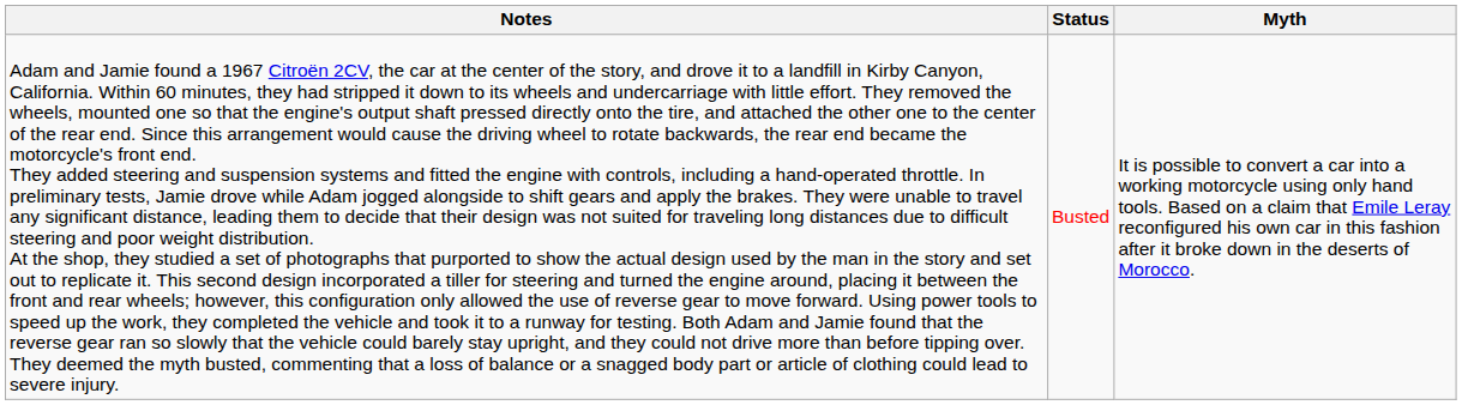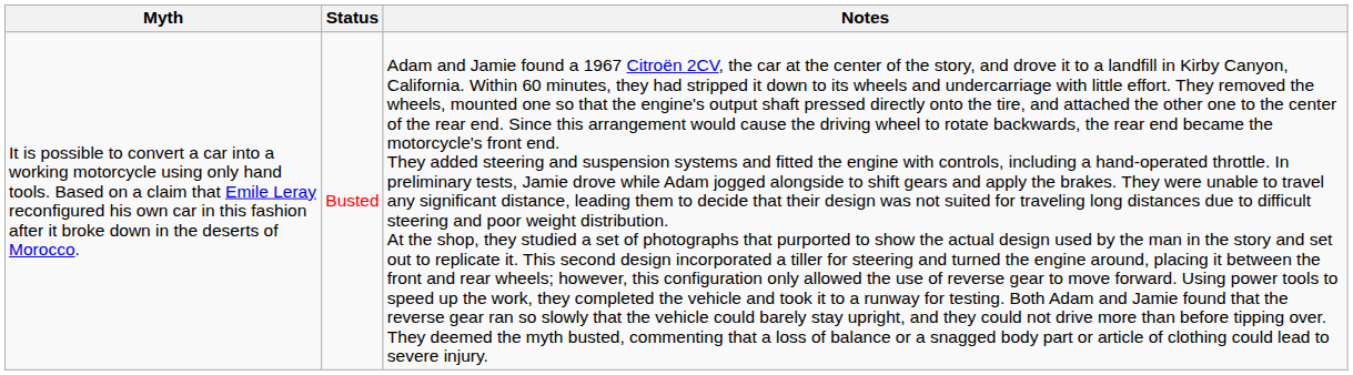 <table class="wikitable plainrowheaders">
 <tr>
+<th scope"col">Myth</th>
+<th scope"col">Status</th>
 <th scope"col">Notes</th>
-<th scope"col">Status</th>
-<th scope"col">Myth</th>
 </tr>
 <tr>
+<td scope"row">It is possible to convert a car into a working motorcycle using only hand tools. Based on a claim that <a href='#'>Emile Leray</a> reconfigured his own car in this fashion after it broke down in the deserts of <a href='#'>Morocco</a>.</td>
+<td style="color:red">Busted</td>
 <td><br>Adam and Jamie found a 1967 <a href='#'>Citroën 2CV</a>, the car at the center of the story, and drove it to a landfill in Kirby Canyon, California. Within 60 minutes, they had stripped it down to its wheels and undercarriage with little effort. They removed the wheels, mounted one so that the engine's output shaft pressed directly onto the tire, and attached the other one to the center of the rear end. Since this arrangement would cause the driving wheel to rotate backwards, the rear end became the motorcycle's front end.<br>They added steering and suspension systems and fitted the engine with controls, including a hand-operated throttle. In preliminary tests, Jamie drove while Adam jogged alongside to shift gears and apply the brakes. They were unable to travel any significant distance, leading them to decide that their design was not suited for traveling long distances due to difficult steering and poor weight distribution.<br>At the shop, they studied a set of photographs that purported to show the actual design used by the man in the story and set out to replicate it. This second design incorporated a tiller for steering and turned the engine around, placing it between the front and rear wheels; however, this configuration only allowed the use of reverse gear to move forward. Using power tools to speed up the work, they completed the vehicle and took it to a runway for testing. Both Adam and Jamie found that the reverse gear ran so slowly that the vehicle could barely stay upright, and they could not drive more than  before tipping over. They deemed the myth busted, commenting that a loss of balance or a snagged body part or article of clothing could lead to severe injury.</td>
-<td style="color:red">Busted</td>
-<td scope"row">It is possible to convert a car into a working motorcycle using only hand tools. Based on a claim that <a href='#'>Emile Leray</a> reconfigured his own car in this fashion after it broke down in the deserts of <a href='#'>Morocco</a>.</td>
 </tr>
 </table>
